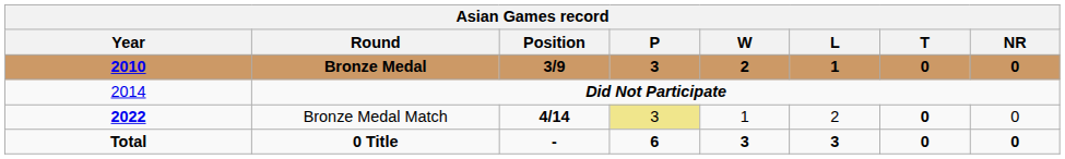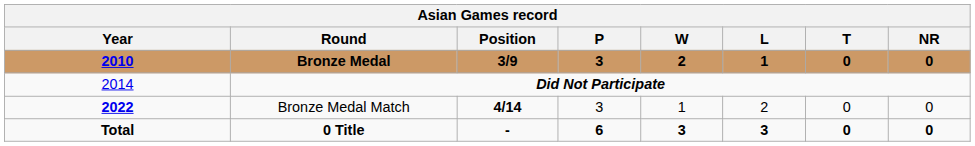 <table class="wikitable" style="text-align: center; width:85%">
 <tr>
 <th colspan=10>Asian Games record</th>
 </tr>
 <tr>
 <th width=150>Year</th>
 <th width=150>Round</th>
 <th width=50>Position</th>
 <th width=50>P</th>
 <th width=50>W</th>
 <th width=50>L</th>
 <th width=50>T</th>
 <th width=50>NR</th>
 </tr>
 <tr style="background:#cc9966;">
 <td><strong> <a href='#'>2010</a></strong></td>
 <td><strong>Bronze Medal</strong></td>
 <td><strong>3/9</strong></td>
 <td><strong>3</strong></td>
 <td><strong>2</strong></td>
 <td><strong>1</strong></td>
 <td><strong>0</strong></td>
 <td><strong>0</strong></td>
 </tr>
 <tr>
 <td> <a href='#'>2014</a></td>
 <td colspan=7><strong> <em>Did Not Participate</em> </strong></td>
 </tr>
 <tr>
 <td> <strong><a href='#'>2022</a></strong></td>
 <td>Bronze Medal Match</td>
 <td><strong>4/14</strong></td>
-<td style="background: khaki;">3</td>
+<td>3</td>
 <td>1</td>
 <td>2</td>
-<td><strong>0</strong></td>
+<td>0</td>
 <td>0</td>
 </tr>
 <tr>
 <td><strong>Total</strong></td>
 <td><strong>0 Title</strong></td>
 <td><strong>-</strong></td>
 <td><strong>6</strong></td>
 <td><strong>3</strong></td>
 <td><strong>3</strong></td>
 <td><strong>0</strong></td>
 <td><strong>0</strong></td>
 </tr>
 </table>
